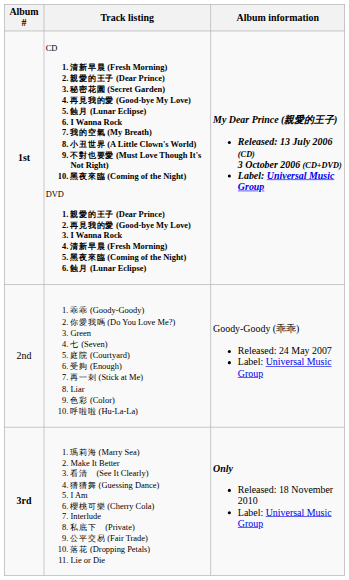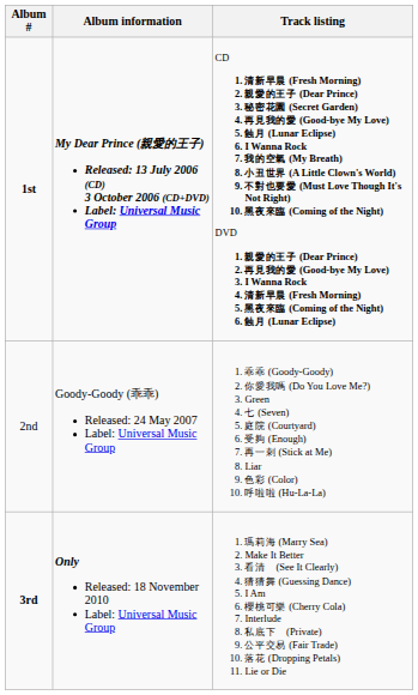 <table class="wikitable" width="550px">
 <tr>
 <th align="left">Album #</th>
+<th align="left">Album information</th>
 <th align="left">Track listing</th>
-<th align="left">Album information</th>
 </tr>
 <tr>
 <td align="center"><strong>1st</strong></td>
+<td align="left"><strong><em>My Dear Prince<em> (親愛的王子)<strong><br><ul><li>Released: 13 July 2006 <small>(CD)</small><br>3 October 2006 <small>(CD+DVD)</small></li><li>Label: <a href='#'>Universal Music Group</a></li></ul></td>
 <td align="left" style="font-size: 85%;"><br></strong>CD<strong><ol><li>清新早晨 (Fresh Morning)</li><li>親愛的王子 (Dear Prince)</li><li>秘密花園 (Secret Garden)</li><li>再見我的愛 (Good-bye My Love)</li><li>蝕月 (Lunar Eclipse)</li><li>I Wanna Rock</li><li>我的空氣 (My Breath)</li><li>小丑世界 (A Little Clown's World)</li><li>不對也要愛 (Must Love Though It's Not Right)</li><li>黑夜來臨 (Coming of the Night)</li></ol></strong>DVD<strong><ol><li>親愛的王子 (Dear Prince)</li><li>再見我的愛 (Good-bye My Love)</li><li>I Wanna Rock</li><li>清新早晨 (Fresh Morning)</li><li>黑夜來臨 (Coming of the Night)</li><li>蝕月 (Lunar Eclipse)</li></ol></td>
-<td align="left"><strong><em>My Dear Prince<em> (親愛的王子)<strong><br><ul><li>Released: 13 July 2006 <small>(CD)</small><br>3 October 2006 <small>(CD+DVD)</small></li><li>Label: <a href='#'>Universal Music Group</a></li></ul></td>
 </tr>
 <tr>
 <td align="center"></strong>2nd<strong></td>
+<td align="left"></em></strong>Goody-Goody</em> (乖乖)</strong><br><ul><li>Released: 24 May 2007</li><li>Label: <a href='#'>Universal Music Group</a></li></ul></td>
 <td align="left" style="font-size: 85%;"><br><ol><li>乖乖 (Goody-Goody)</li><li>你愛我嗎 (Do You Love Me?)</li><li>Green　</li><li>七 (Seven)</li><li>庭院 (Courtyard)</li><li>受夠 (Enough)</li><li>再一刺 (Stick at Me) 　</li><li>Liar　</li><li>色彩 (Color)</li><li>呼啦啦 (Hu-La-La)</li></ol></td>
-<td align="left"></em></strong>Goody-Goody</em> (乖乖)</strong><br><ul><li>Released: 24 May 2007</li><li>Label: <a href='#'>Universal Music Group</a></li></ul></td>
 </tr>
 <tr>
 <td align="center"><strong>3rd</strong></td>
+<td align="left"><strong><em>Only</em></strong><br><ul><li>Released: 18 November 2010</li><li>Label: <a href='#'>Universal Music Group</a></li></ul></td>
 <td align="left" style="font-size: 85%;"><br><ol><li>瑪莉海 (Marry Sea)</li><li>Make It Better</li><li>看清　(See It Clearly)</li><li>猜猜舞 (Guessing Dance)</li><li>I Am</li><li>櫻桃可樂 (Cherry Cola)</li><li>Interlude</li><li>私底下　(Private)</li><li>公平交易 (Fair Trade)</li><li>落花 (Dropping Petals)</li><li>Lie or Die</li></ol></td>
-<td align="left"><strong><em>Only</em></strong><br><ul><li>Released: 18 November 2010</li><li>Label: <a href='#'>Universal Music Group</a></li></ul></td>
 </tr>
 </table>
